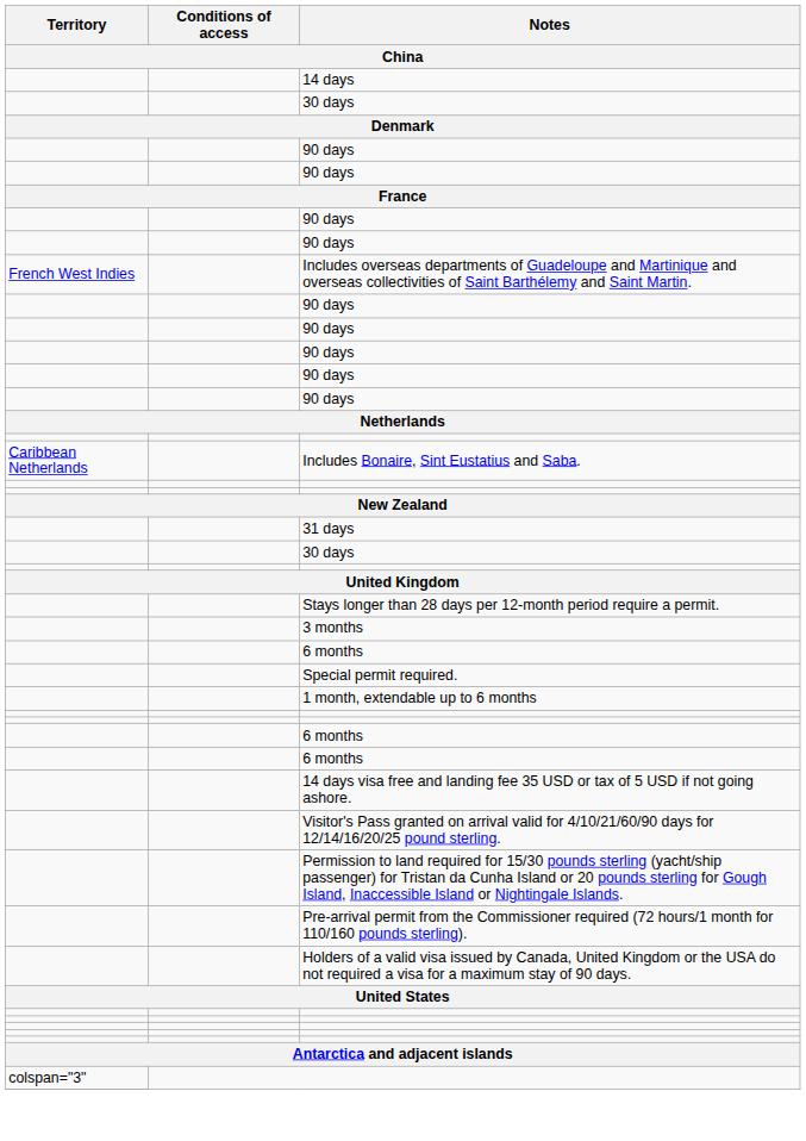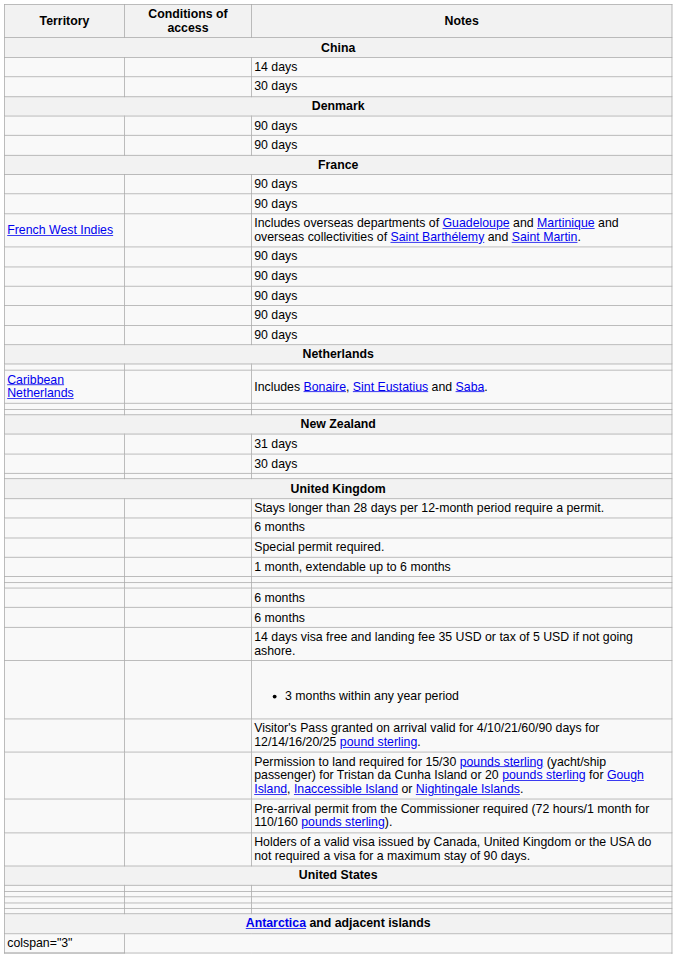 <table class="wikitable" style="text-align: left; table-layout: fixed;">
 <tr>
 <th width="18%">Territory</th>
 <th width="19%">Conditions of access</th>
 <th>Notes</th>
 </tr>
 <tr>
 <th colspan="3">China</th>
 </tr>
 <tr>
 <td></td>
 <td></td>
 <td>14 days</td>
 </tr>
 <tr>
 <td></td>
 <td></td>
 <td>30 days</td>
 </tr>
 <tr>
 <th colspan="3">Denmark</th>
 </tr>
 <tr>
 <td></td>
 <td></td>
 <td>90 days</td>
 </tr>
 <tr>
 <td></td>
 <td></td>
 <td>90 days</td>
 </tr>
 <tr>
 <th colspan="3">France</th>
 </tr>
 <tr>
 <td></td>
 <td></td>
 <td>90 days</td>
 </tr>
 <tr>
 <td></td>
 <td></td>
 <td>90 days</td>
 </tr>
 <tr>
 <td> <a href='#'>French West Indies</a></td>
 <td></td>
 <td>Includes overseas departments of <a href='#'>Guadeloupe</a> and <a href='#'>Martinique</a> and overseas collectivities of <a href='#'>Saint Barthélemy</a> and <a href='#'>Saint Martin</a>.</td>
 </tr>
 <tr>
 <td></td>
 <td></td>
 <td>90 days</td>
 </tr>
 <tr>
 <td></td>
 <td></td>
 <td>90 days</td>
 </tr>
 <tr>
 <td></td>
 <td></td>
 <td>90 days</td>
 </tr>
 <tr>
 <td></td>
 <td></td>
 <td>90 days</td>
 </tr>
 <tr>
 <td></td>
 <td></td>
 <td>90 days</td>
 </tr>
 <tr>
 <th colspan="3">Netherlands</th>
 </tr>
 <tr>
 <td></td>
 <td></td>
 <td></td>
 </tr>
 <tr>
 <td> <a href='#'>Caribbean Netherlands</a></td>
 <td></td>
 <td>Includes <a href='#'>Bonaire</a>, <a href='#'>Sint Eustatius</a> and <a href='#'>Saba</a>.</td>
 </tr>
 <tr>
 <td></td>
 <td></td>
 <td></td>
 </tr>
 <tr>
 <td></td>
 <td></td>
 <td></td>
 </tr>
 <tr>
 <th colspan="3">New Zealand</th>
 </tr>
 <tr>
 <td></td>
 <td></td>
 <td>31 days</td>
 </tr>
 <tr>
 <td></td>
 <td></td>
 <td>30 days</td>
 </tr>
 <tr>
 <td></td>
 <td></td>
 <td></td>
 </tr>
 <tr>
 <th colspan="3">United Kingdom</th>
 </tr>
 <tr>
 <td></td>
 <td></td>
 <td>Stays longer than 28 days per 12-month period require a permit.</td>
 </tr>
 <tr>
 <td></td>
 <td></td>
-<td>3 months</td>
-</tr>
-<tr>
-<td></td>
-<td></td>
 <td>6 months</td>
 </tr>
 <tr>
 <td></td>
 <td></td>
 <td>Special permit required.</td>
 </tr>
 <tr>
 <td></td>
 <td></td>
 <td>1 month, extendable up to 6 months</td>
 </tr>
 <tr>
 <td></td>
 <td></td>
 <td></td>
 </tr>
 <tr>
 <td></td>
 <td></td>
 <td></td>
 </tr>
 <tr>
 <td></td>
 <td></td>
 <td>6 months</td>
 </tr>
 <tr>
 <td></td>
 <td></td>
 <td>6 months</td>
 </tr>
 <tr>
 <td></td>
 <td></td>
 <td>14 days visa free and landing fee 35 USD or tax of 5 USD if not going ashore.</td>
+</tr>
+<tr>
+<td></td>
+<td></td>
+<td><br><ul><li>3 months within any year period</li></ul></td>
 </tr>
 <tr>
 <td></td>
 <td></td>
 <td>Visitor's Pass granted on arrival valid for 4/10/21/60/90 days for 12/14/16/20/25 <a href='#'>pound sterling</a>.</td>
 </tr>
 <tr>
 <td></td>
 <td></td>
 <td>Permission to land required for 15/30 <a href='#'>pounds sterling</a> (yacht/ship passenger) for Tristan da Cunha Island or 20 <a href='#'>pounds sterling</a> for <a href='#'>Gough Island</a>, <a href='#'>Inaccessible Island</a> or <a href='#'>Nightingale Islands</a>.</td>
 </tr>
 <tr>
 <td></td>
 <td></td>
 <td>Pre-arrival permit from the Commissioner required (72 hours/1 month for 110/160 <a href='#'>pounds sterling</a>).</td>
 </tr>
 <tr>
 <td></td>
 <td></td>
 <td>Holders of a valid visa issued by Canada, United Kingdom or the USA do not required a visa for a maximum stay of 90 days.</td>
 </tr>
 <tr>
 <th colspan="3">United States</th>
 </tr>
 <tr>
 <td></td>
 <td></td>
 <td></td>
 </tr>
 <tr>
 <td></td>
 <td></td>
 <td></td>
 </tr>
 <tr>
 <td></td>
 <td></td>
 <td></td>
 </tr>
 <tr>
 <td></td>
 <td></td>
 <td></td>
 </tr>
 <tr>
 <td></td>
 <td></td>
 <td></td>
 </tr>
 <tr>
 <th colspan="3"><a href='#'>Antarctica</a> and adjacent islands</th>
 </tr>
 <tr>
 <td>colspan="3" </td>
 </tr>
 <tr>
 </tr>
 </table>
